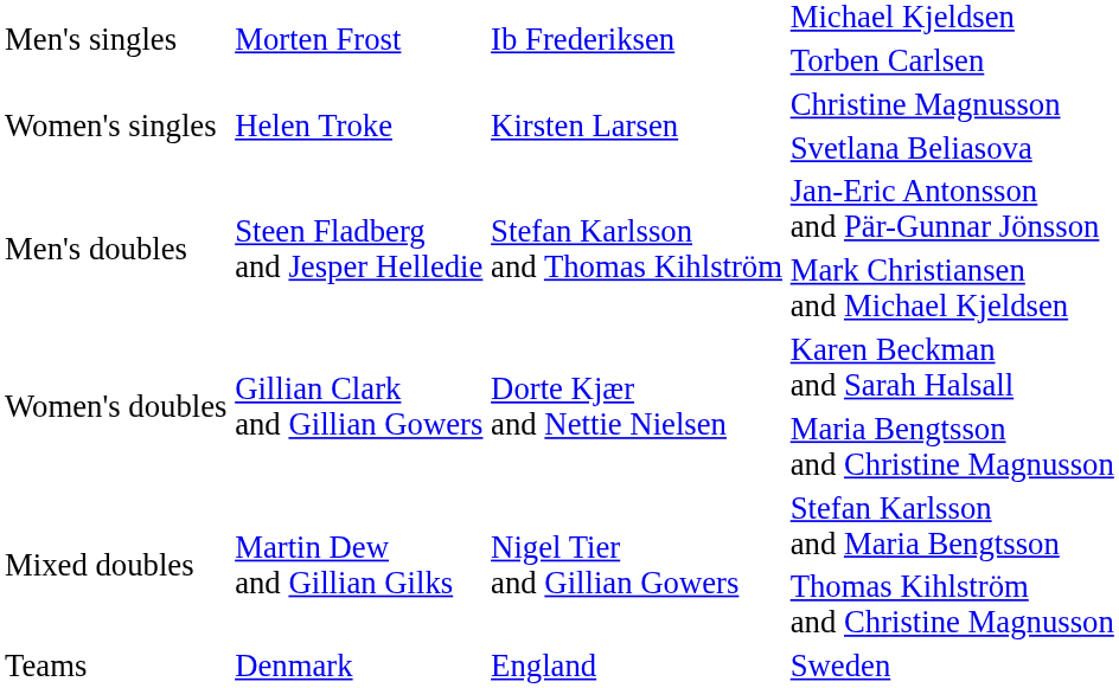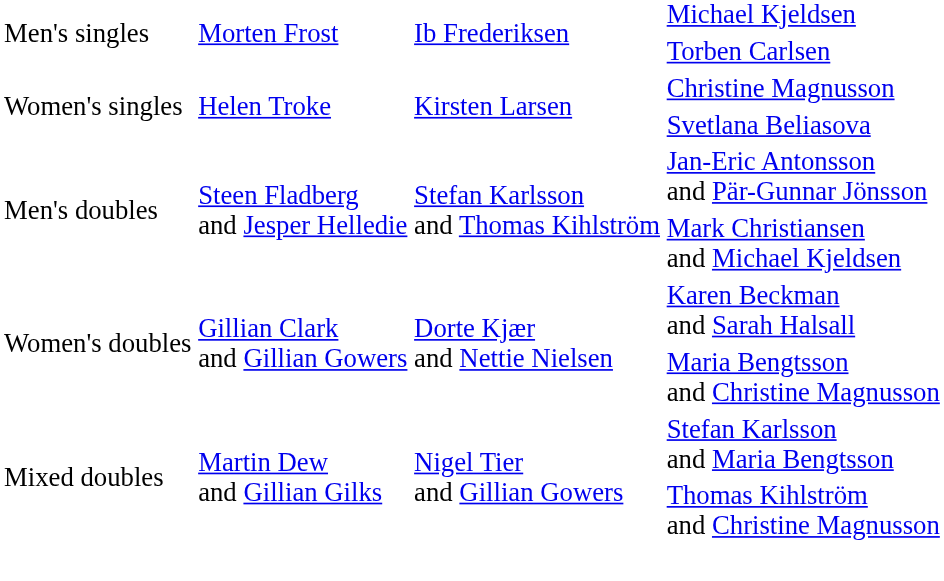 <table>
 <tr>
 <td rowspan=2>Men's singles</td>
 <td rowspan=2> <a href='#'>Morten Frost</a></td>
 <td rowspan=2> <a href='#'>Ib Frederiksen</a></td>
 <td> <a href='#'>Michael Kjeldsen</a></td>
 </tr>
 <tr>
 <td> <a href='#'>Torben Carlsen</a></td>
 </tr>
 <tr>
 <td rowspan=2>Women's singles</td>
 <td rowspan=2> <a href='#'>Helen Troke</a></td>
 <td rowspan=2> <a href='#'>Kirsten Larsen</a></td>
 <td> <a href='#'>Christine Magnusson</a></td>
 </tr>
 <tr>
 <td> <a href='#'>Svetlana Beliasova</a></td>
 </tr>
 <tr>
 <td rowspan=2>Men's doubles</td>
 <td rowspan=2> <a href='#'>Steen Fladberg</a><br>and <a href='#'>Jesper Helledie</a></td>
 <td rowspan=2> <a href='#'>Stefan Karlsson</a><br>and <a href='#'>Thomas Kihlström</a></td>
 <td> <a href='#'>Jan-Eric Antonsson</a><br>and <a href='#'>Pär-Gunnar Jönsson</a></td>
 </tr>
 <tr>
 <td> <a href='#'>Mark Christiansen</a><br>and <a href='#'>Michael Kjeldsen</a></td>
 </tr>
 <tr>
 <td rowspan=2>Women's doubles</td>
 <td rowspan=2> <a href='#'>Gillian Clark</a><br>and <a href='#'>Gillian Gowers</a></td>
 <td rowspan=2> <a href='#'>Dorte Kjær</a><br>and <a href='#'>Nettie Nielsen</a></td>
 <td> <a href='#'>Karen Beckman</a><br>and <a href='#'>Sarah Halsall</a></td>
 </tr>
 <tr>
 <td> <a href='#'>Maria Bengtsson</a><br>and <a href='#'>Christine Magnusson</a></td>
 </tr>
 <tr>
 <td rowspan=2>Mixed doubles</td>
 <td rowspan=2> <a href='#'>Martin Dew</a><br>and <a href='#'>Gillian Gilks</a></td>
 <td rowspan=2> <a href='#'>Nigel Tier</a><br>and <a href='#'>Gillian Gowers</a></td>
 <td> <a href='#'>Stefan Karlsson</a><br>and <a href='#'>Maria Bengtsson</a></td>
 </tr>
 <tr>
 <td> <a href='#'>Thomas Kihlström</a><br>and <a href='#'>Christine Magnusson</a></td>
 </tr>
-<tr>
-<td>Teams</td>
-<td> <a href='#'>Denmark</a></td>
-<td> <a href='#'>England</a></td>
-<td> <a href='#'>Sweden</a></td>
-</tr>
 </table>
